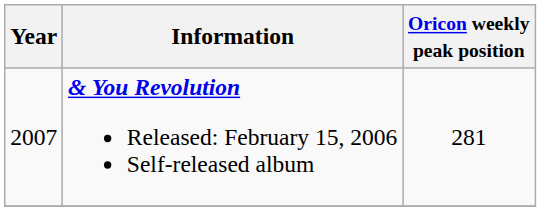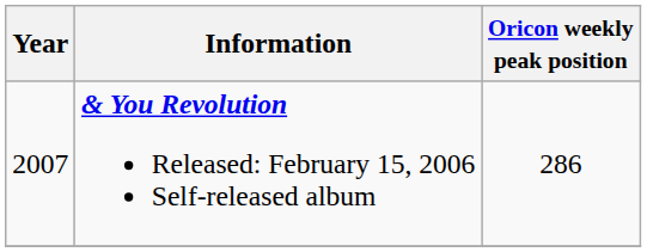 <table class="wikitable">
 <tr>
 <th>Year</th>
 <th>Information</th>
 <th><small><a href='#'>Oricon</a> weekly<br>peak position</small></th>
 </tr>
 <tr>
 <td>2007</td>
 <td><strong><em><a href='#'>& You Revolution</a></em></strong><br><ul><li>Released: February 15, 2006</li><li>Self-released album</li></ul></td>
-<td align="center">281</td>
+<td align="center">286</td>
 </tr>
 <tr>
 </tr>
 </table>
